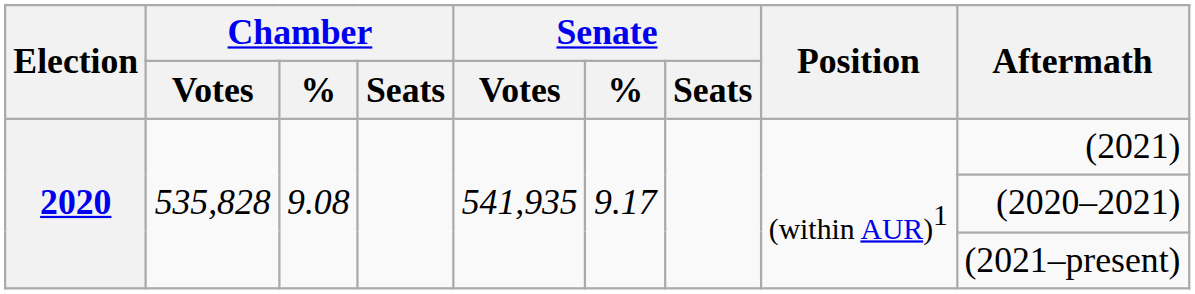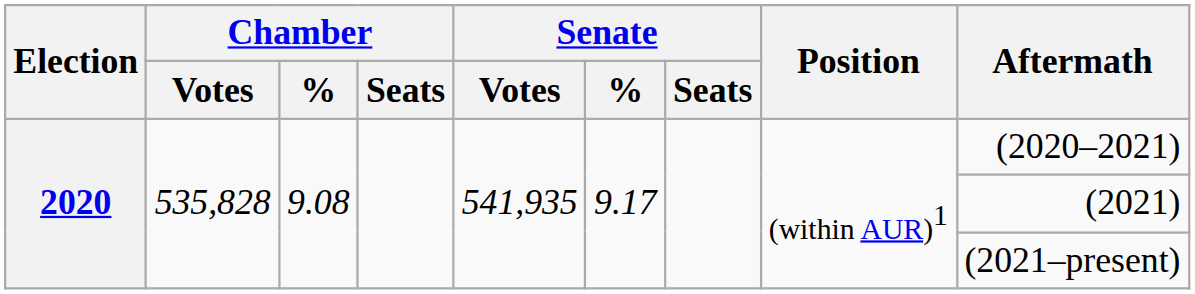 <table class="wikitable" style="text-align: right;">
 <tr>
 <th rowspan="2">Election</th>
 <th colspan="3"><a href='#'>Chamber</a></th>
 <th colspan="3"><a href='#'>Senate</a></th>
 <th rowspan="2">Position</th>
 <th rowspan="2">Aftermath</th>
 </tr>
 <tr>
 <th>Votes</th>
 <th>%</th>
 <th>Seats</th>
 <th>Votes</th>
 <th>%</th>
 <th>Seats</th>
 </tr>
 <tr>
 <th rowspan=3><a href='#'>2020</a></th>
 <td rowspan=3><em>535,828</em></td>
 <td rowspan=3><em>9.08</em></td>
 <td rowspan=3></td>
 <td rowspan=3><em>541,935</em></td>
 <td rowspan=3><em>9.17</em></td>
 <td rowspan=3></td>
 <td rowspan=3; style="text-align: center;"><br><small>(within <a href='#'>AUR</a>)</small><sup>1</sup></td>
-<td> (2021)</td>
+<td> (2020–2021)</td>
 </tr>
 <tr>
-<td> (2020–2021)</td>
+<td> (2021)</td>
 </tr>
 <tr>
 <td> (2021–present)</td>
 </tr>
 </table>
